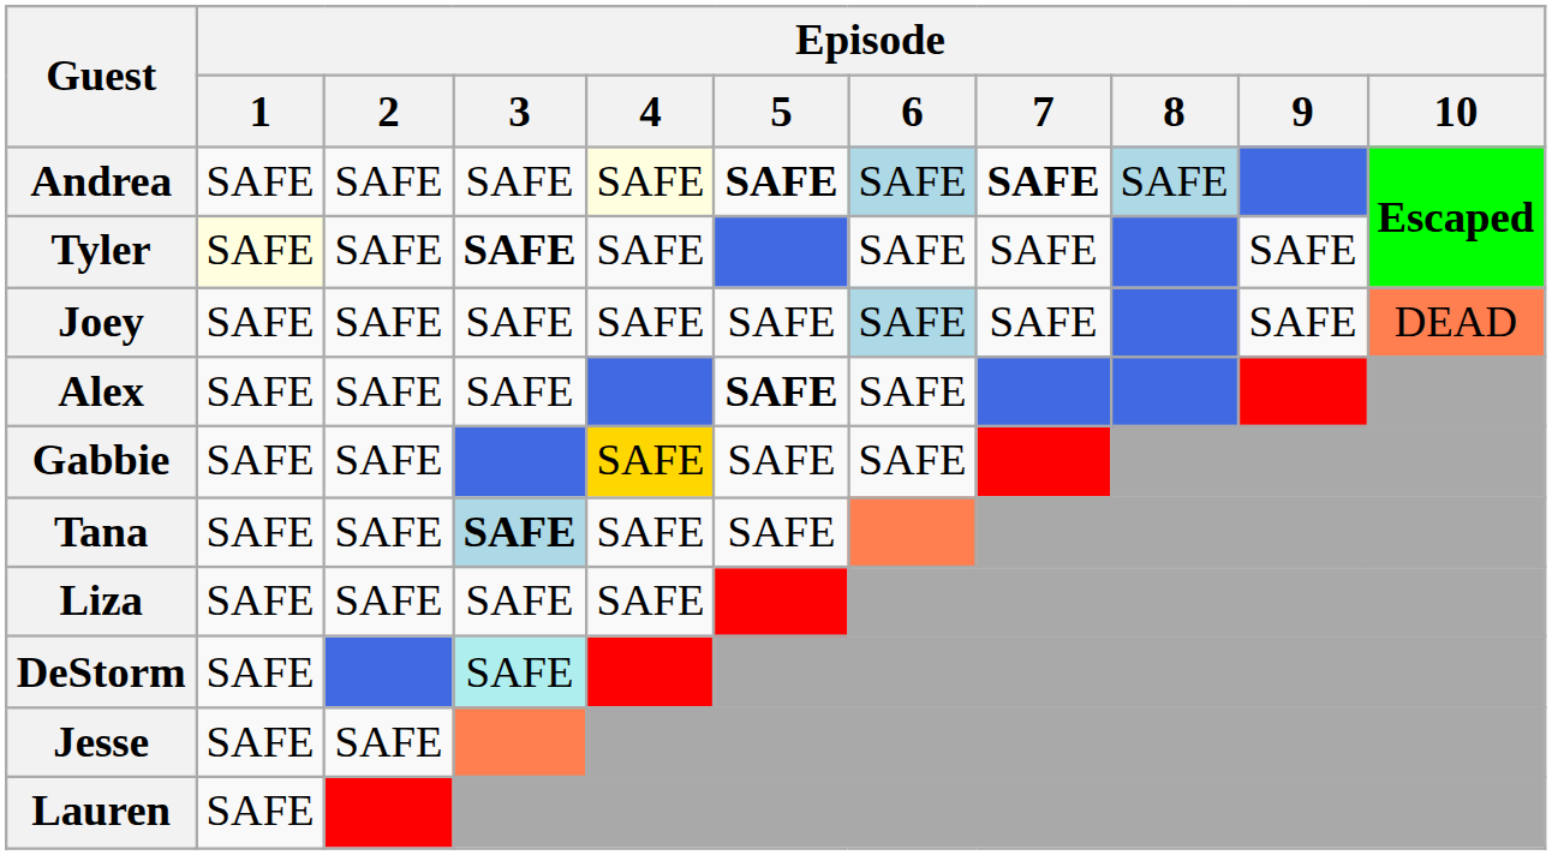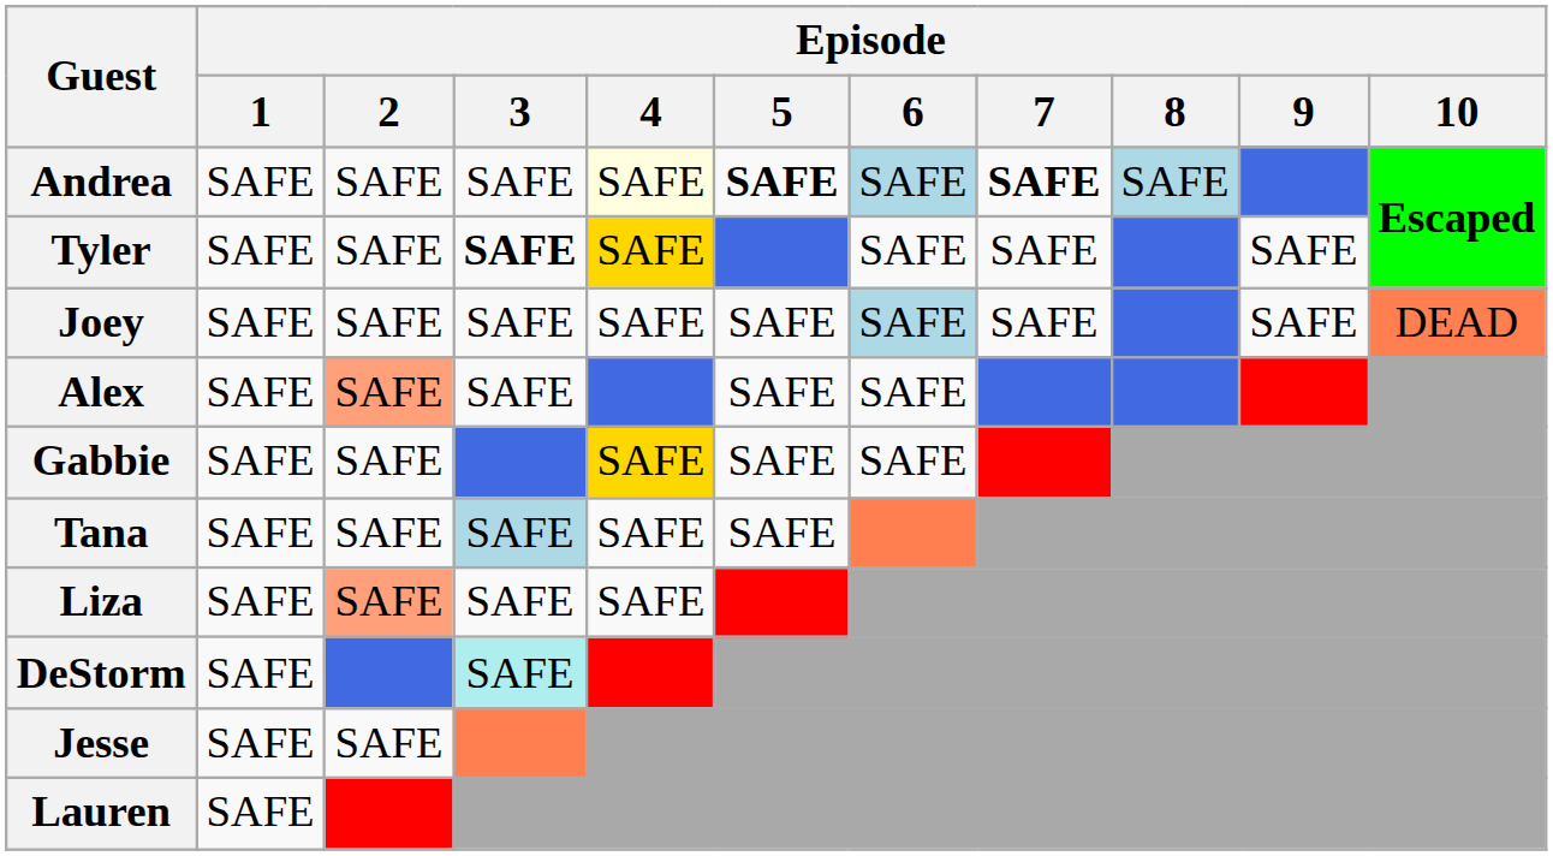 <table class="wikitable" style="text-align:center;">
 <tr>
 <th rowspan="2" scope="col">Guest</th>
 <th colspan="10" scope="col">Episode</th>
 </tr>
 <tr>
 <th scope="col">1</th>
 <th scope="col">2</th>
 <th scope="col">3</th>
 <th scope="col">4</th>
 <th scope="col">5</th>
 <th scope="col">6</th>
 <th scope="col">7</th>
 <th scope="col">8</th>
 <th scope="col">9</th>
 <th scope="col">10</th>
 </tr>
 <tr>
 <th scope="row">Andrea</th>
 <td>SAFE</td>
 <td>SAFE</td>
 <td>SAFE</td>
 <td style="background: lightyellow;">SAFE</td>
 <td><strong>SAFE</strong></td>
 <td bgcolor="ADD8E6">SAFE</td>
 <td><strong>SAFE</strong></td>
 <td bgcolor="ADD8E6">SAFE</td>
 <td bgcolor="4169E1"><strong></strong></td>
 <td rowspan="2" bgcolor="00FF00"><strong>Escaped</strong></td>
 </tr>
 <tr>
 <th scope="row">Tyler</th>
-<td style="background: lightyellow;">SAFE</td>
+<td>SAFE</td>
 <td>SAFE</td>
 <td><strong>SAFE</strong></td>
-<td>SAFE</td>
+<td style="background: gold;">SAFE</td>
 <td bgcolor="4169E1"><strong></strong></td>
 <td>SAFE</td>
 <td>SAFE</td>
 <td bgcolor="4169E1"><strong></strong></td>
 <td>SAFE</td>
 </tr>
 <tr>
 <th scope="row">Joey</th>
 <td>SAFE</td>
 <td>SAFE</td>
 <td>SAFE</td>
 <td>SAFE</td>
 <td>SAFE</td>
 <td bgcolor="ADD8E6">SAFE</td>
 <td>SAFE</td>
 <td bgcolor="4169E1"><strong></strong></td>
 <td>SAFE</td>
 <td bgcolor="FF7F50">DEAD</td>
 </tr>
 <tr>
 <th scope="row">Alex</th>
 <td>SAFE</td>
-<td>SAFE</td>
+<td style="background: lightsalmon;">SAFE</td>
 <td>SAFE</td>
 <td bgcolor="4169E1"><strong></strong></td>
-<td><strong>SAFE</strong></td>
+<td>SAFE</td>
 <td>SAFE</td>
 <td bgcolor="4169E1"><strong></strong></td>
 <td bgcolor="4169E1"><strong></strong></td>
 <td bgcolor="FF0000"></td>
 <td bgcolor="A9A9A9" colspan="2"></td>
 </tr>
 <tr>
 <th scope="row">Gabbie</th>
 <td>SAFE</td>
 <td>SAFE</td>
 <td bgcolor="4169E1"><strong></strong></td>
 <td style="background: gold;">SAFE</td>
 <td>SAFE</td>
 <td>SAFE</td>
 <td bgcolor="FF0000"></td>
 <td bgcolor="A9A9A9" colspan="4"></td>
 </tr>
 <tr>
 <th scope="row">Tana</th>
 <td>SAFE</td>
 <td>SAFE</td>
-<td bgcolor="ADD8E6"><strong>SAFE</strong></td>
+<td bgcolor="ADD8E6">SAFE</td>
 <td>SAFE</td>
 <td>SAFE</td>
 <td bgcolor="FF7F50"></td>
 <td bgcolor="A9A9A9" colspan="5"></td>
 </tr>
 <tr>
 <th scope="row">Liza</th>
 <td>SAFE</td>
-<td>SAFE</td>
+<td style="background: lightsalmon;">SAFE</td>
 <td>SAFE</td>
 <td>SAFE</td>
 <td bgcolor="FF0000"></td>
 <td bgcolor="A9A9A9" colspan="6"></td>
 </tr>
 <tr>
 <th scope="row">DeStorm</th>
 <td>SAFE</td>
 <td bgcolor="4169E1"><strong></strong></td>
 <td style="background: paleturquoise;">SAFE</td>
 <td bgcolor="FF0000"></td>
 <td bgcolor="A9A9A9" colspan="7"></td>
 </tr>
 <tr>
 <th scope="row">Jesse</th>
 <td>SAFE</td>
 <td>SAFE</td>
 <td bgcolor="FF7F50"></td>
 <td bgcolor="A9A9A9" colspan="8"></td>
 </tr>
 <tr>
 <th scope="row">Lauren</th>
 <td>SAFE</td>
 <td bgcolor="FF0000"></td>
 <td bgcolor="A9A9A9" colspan="9"></td>
 </tr>
 </table>
